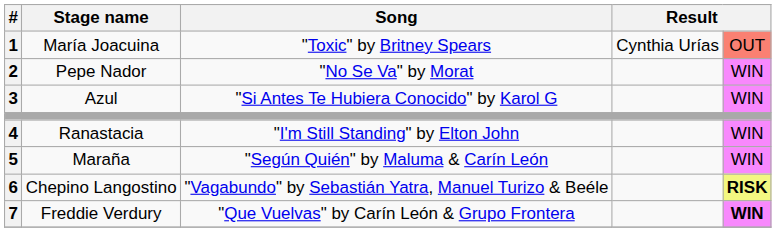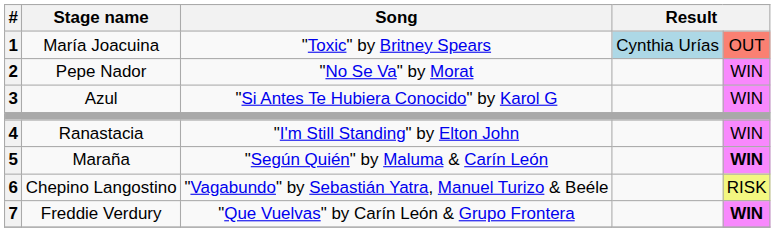 <table class="wikitable plainrowheaders" style="text-align: center;">
 <tr>
 <th>#</th>
 <th>Stage name</th>
 <th>Song</th>
 <th Identity colspan=2>Result</th>
 </tr>
 <tr>
 <th>1</th>
 <td>María Joacuina</td>
 <td>"<a href='#'>Toxic</a>" by <a href='#'>Britney Spears</a></td>
-<td>Cynthia Urías</td>
+<td style="background: lightblue;">Cynthia Urías</td>
 <td bgcolor=salmon>OUT</td>
 </tr>
 <tr>
 <th>2</th>
 <td>Pepe Nador</td>
 <td>"<a href='#'>No Se Va</a>" by <a href='#'>Morat</a></td>
 <td></td>
 <td bgcolor=#F888FD>WIN</td>
 </tr>
 <tr>
 <th>3</th>
 <td>Azul</td>
 <td>"<a href='#'>Si Antes Te Hubiera Conocido</a>" by <a href='#'>Karol G</a></td>
 <td></td>
 <td bgcolor=#F888FD>WIN</td>
 </tr>
 <tr>
 <td colspan="5" style="background:darkgray"></td>
 </tr>
 <tr>
 <th>4</th>
 <td>Ranastacia</td>
 <td>"<a href='#'>I'm Still Standing</a>" by <a href='#'>Elton John</a></td>
 <td></td>
 <td bgcolor=#F888FD>WIN</td>
 </tr>
 <tr>
 <th>5</th>
 <td>Maraña</td>
 <td>"<a href='#'>Según Quién</a>" by <a href='#'>Maluma</a> & <a href='#'>Carín León</a></td>
 <td></td>
-<td bgcolor=#F888FD>WIN</td>
+<td bgcolor=#F888FD><strong>WIN</strong></td>
 </tr>
 <tr>
 <th>6</th>
 <td>Chepino Langostino</td>
 <td>"<a href='#'>Vagabundo</a>" by <a href='#'>Sebastián Yatra</a>, <a href='#'>Manuel Turizo</a> & Beéle</td>
 <td></td>
-<td bgcolor=#F3F781><strong>RISK</strong></td>
+<td bgcolor=#F3F781>RISK</td>
 </tr>
 <tr>
 <th>7</th>
 <td>Freddie Verdury</td>
 <td>"<a href='#'>Que Vuelvas</a>" by Carín León & <a href='#'>Grupo Frontera</a></td>
 <td></td>
 <td bgcolor=#F888FD><strong>WIN</strong></td>
 </tr>
 <tr>
 </tr>
 </table>
